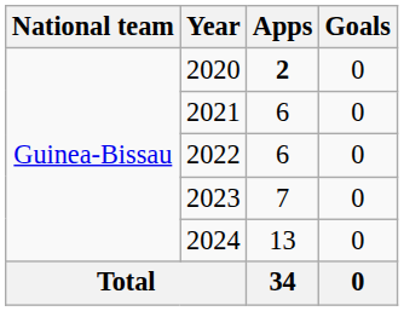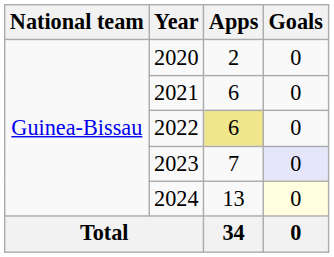 <table class="wikitable" style="text-align:center">
 <tr>
 <th>National team</th>
 <th>Year</th>
 <th>Apps</th>
 <th>Goals</th>
 </tr>
 <tr>
 <td rowspan="5"><a href='#'>Guinea-Bissau</a></td>
 <td>2020</td>
-<td><strong>2</strong></td>
+<td>2</td>
 <td>0</td>
 </tr>
 <tr>
 <td>2021</td>
 <td>6</td>
 <td>0</td>
 </tr>
 <tr>
 <td>2022</td>
-<td>6</td>
+<td style="background: khaki;">6</td>
 <td>0</td>
 </tr>
 <tr>
 <td>2023</td>
 <td>7</td>
-<td>0</td>
+<td style="background: lavender;">0</td>
 </tr>
 <tr>
 <td>2024</td>
 <td>13</td>
-<td>0</td>
+<td style="background: lightyellow;">0</td>
 </tr>
 <tr>
 <th colspan="2">Total</th>
 <th>34</th>
 <th>0</th>
 </tr>
 </table>
